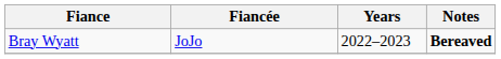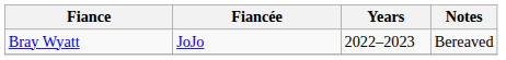 <table class="wikitable sortable">
 <tr>
 <th style="width:165px;">Fiance</th>
 <th style="width:165px;">Fiancée</th>
 <th style="width:85px;">Years</th>
 <th style="width:*;">Notes</th>
 </tr>
 <tr>
 <td> <a href='#'>Bray Wyatt</a></td>
 <td> <a href='#'>JoJo</a></td>
 <td>2022–2023</td>
-<td><strong>Bereaved</strong></td>
+<td>Bereaved</td>
 </tr>
 <tr>
 </tr>
 </table>
